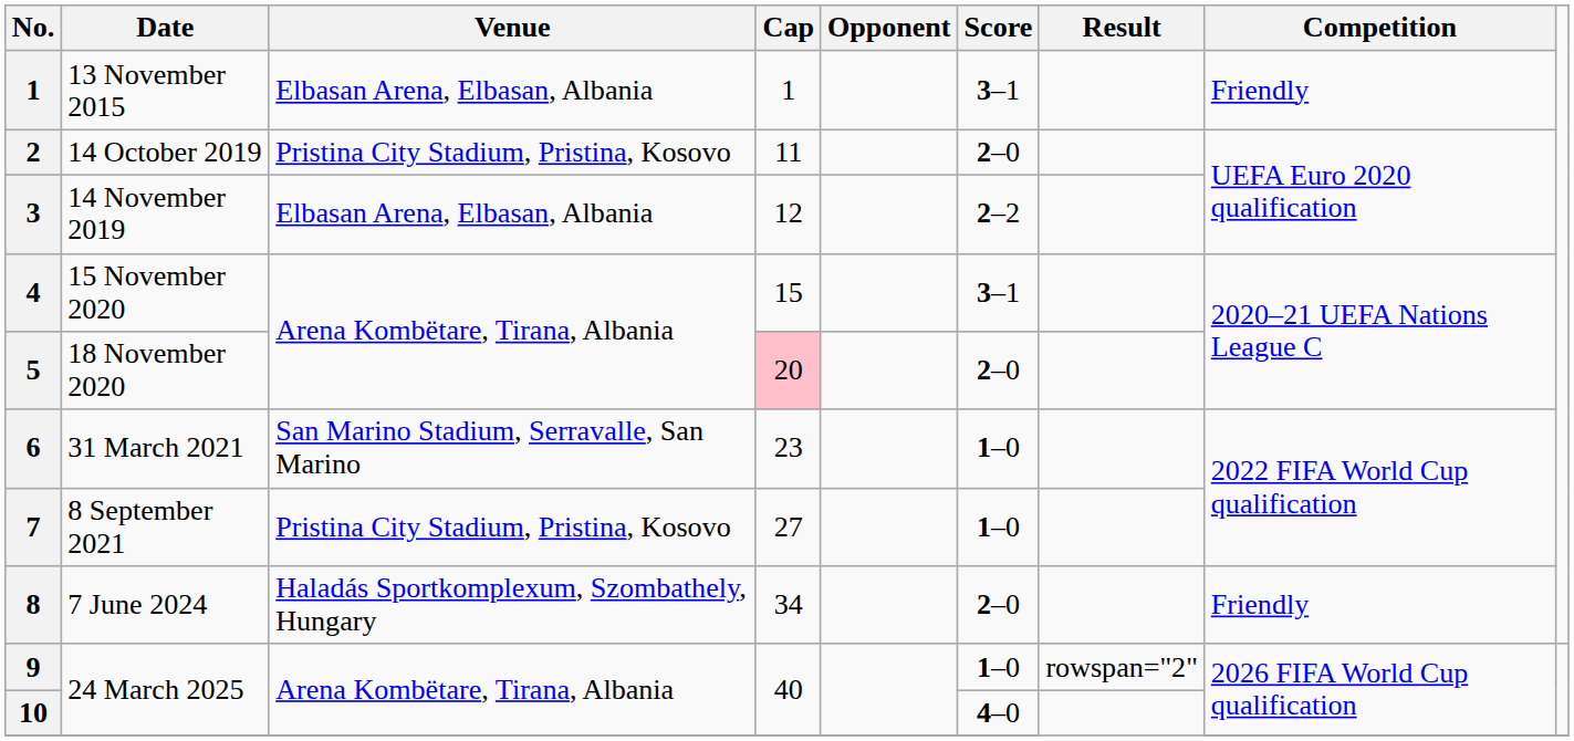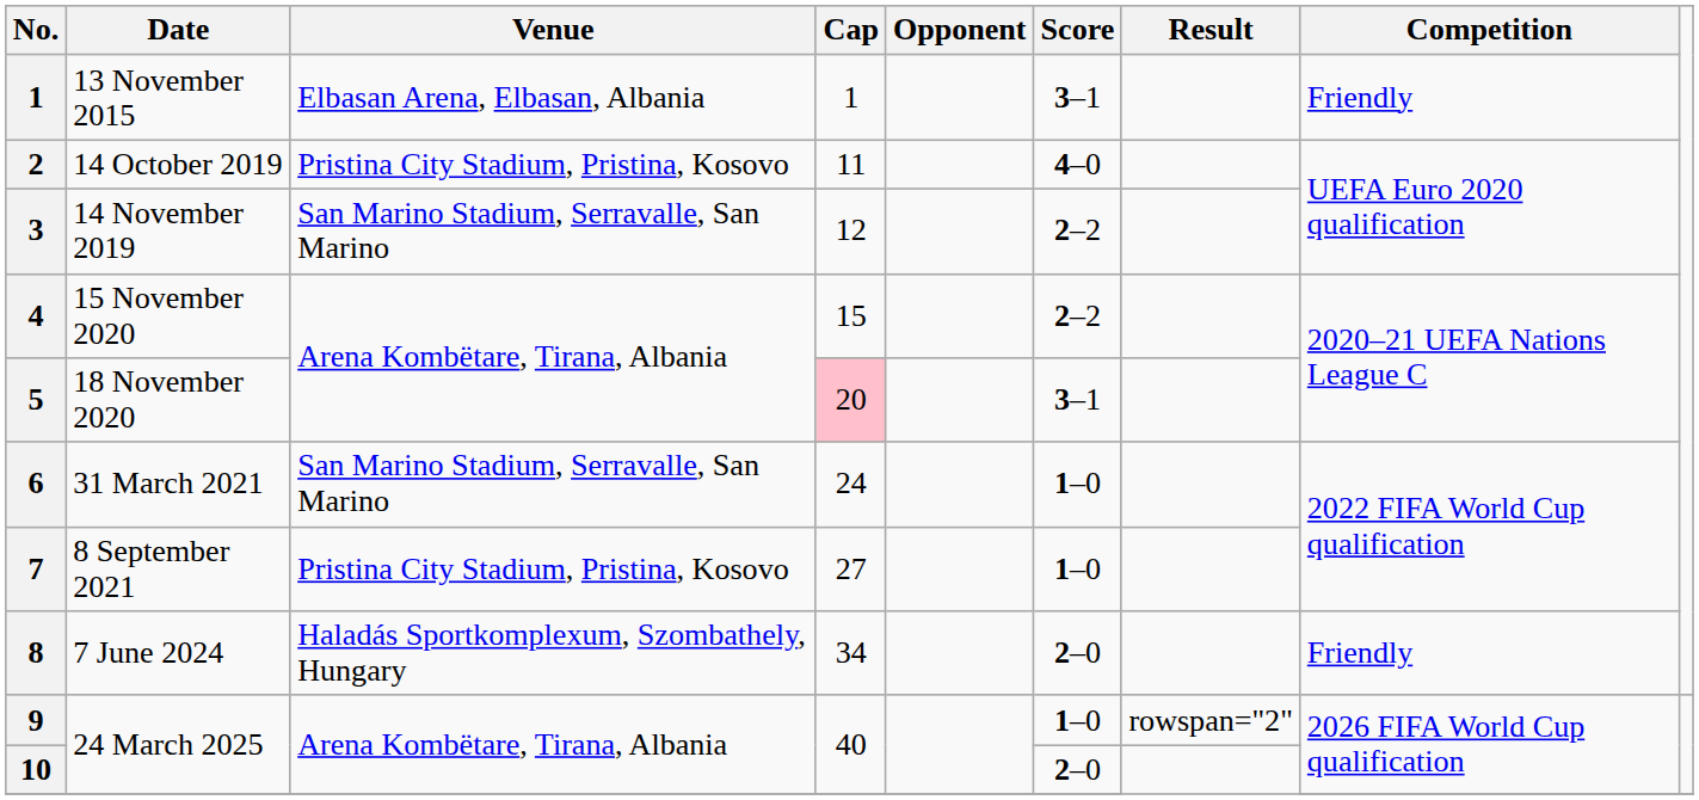 <table class="wikitable sortable plainrowheaders">
 <tr>
 <th scope=col>No.</th>
 <th scope=col data-sort-type=date>Date</th>
 <th scope=col>Venue</th>
 <th scope=col>Cap</th>
 <th scope=col>Opponent</th>
 <th scope=col>Score</th>
 <th scope=col>Result</th>
 <th scope=col>Competition</th>
 </tr>
 <tr>
 <th scope=row>1</th>
 <td>13 November 2015</td>
 <td><a href='#'>Elbasan Arena</a>, <a href='#'>Elbasan</a>, Albania</td>
 <td align=center>1</td>
 <td></td>
 <td align=center><strong>3</strong>–1</td>
 <td></td>
 <td><a href='#'>Friendly</a></td>
 </tr>
 <tr>
 <th scope=row>2</th>
 <td>14 October 2019</td>
 <td><a href='#'>Pristina City Stadium</a>, <a href='#'>Pristina</a>, Kosovo</td>
 <td align=center>11</td>
 <td></td>
-<td style="text-align: center;"><strong>2</strong>–0</td>
+<td align=center><strong>4</strong>–0</td>
 <td></td>
 <td rowspan=2><a href='#'>UEFA Euro 2020 qualification</a></td>
 </tr>
 <tr>
 <th scope=row>3</th>
 <td>14 November 2019</td>
-<td><a href='#'>Elbasan Arena</a>, <a href='#'>Elbasan</a>, Albania</td>
+<td><a href='#'>San Marino Stadium</a>, <a href='#'>Serravalle</a>, San Marino</td>
 <td align=center>12</td>
 <td></td>
 <td align=center><strong>2</strong>–2</td>
 <td></td>
 </tr>
 <tr>
 <th scope=row>4</th>
 <td>15 November 2020</td>
 <td rowspan=2><a href='#'>Arena Kombëtare</a>, <a href='#'>Tirana</a>, Albania</td>
 <td align=center>15</td>
 <td></td>
-<td align=center><strong>3</strong>–1</td>
+<td align=center><strong>2</strong>–2</td>
 <td></td>
 <td rowspan=2><a href='#'>2020–21 UEFA Nations League C</a></td>
 </tr>
 <tr>
 <th scope=row>5</th>
 <td>18 November 2020</td>
 <td align=center style="background: pink;">20</td>
 <td></td>
-<td style="text-align: center;"><strong>2</strong>–0</td>
+<td align=center><strong>3</strong>–1</td>
 <td></td>
 </tr>
 <tr>
 <th scope=row>6</th>
 <td>31 March 2021</td>
 <td><a href='#'>San Marino Stadium</a>, <a href='#'>Serravalle</a>, San Marino</td>
-<td align=center>23</td>
+<td align=center>24</td>
 <td></td>
 <td align=center><strong>1</strong>–0</td>
 <td></td>
 <td rowspan=2><a href='#'>2022 FIFA World Cup qualification</a></td>
 </tr>
 <tr>
 <th scope=row>7</th>
 <td>8 September 2021</td>
 <td><a href='#'>Pristina City Stadium</a>, <a href='#'>Pristina</a>, Kosovo</td>
 <td align=center>27</td>
 <td></td>
 <td align=center><strong>1</strong>–0</td>
 <td></td>
 </tr>
 <tr>
 <th scope=row>8</th>
 <td>7 June 2024</td>
 <td><a href='#'>Haladás Sportkomplexum</a>, <a href='#'>Szombathely</a>, Hungary</td>
 <td align=center>34</td>
 <td></td>
 <td align=center><strong>2</strong>–0</td>
 <td></td>
 <td><a href='#'>Friendly</a></td>
 </tr>
 <tr>
 <th scope="row" style="text-align: center;">9</th>
 <td rowspan="2">24 March 2025</td>
 <td rowspan="2"><a href='#'>Arena Kombëtare</a>, <a href='#'>Tirana</a>, Albania</td>
 <td rowspan="2" style="text-align: center;">40</td>
 <td rowspan="2"></td>
 <td style="text-align: center;"><strong>1</strong>–0</td>
 <td>rowspan="2"</td>
 <td rowspan="2"><a href='#'>2026 FIFA World Cup qualification</a></td>
 <td rowspan="2" style="text-align: center;"></td>
 </tr>
 <tr>
 <th scope="row" style="text-align: center;">10</th>
-<td align=center><strong>4</strong>–0</td>
+<td style="text-align: center;"><strong>2</strong>–0</td>
 </tr>
 <tr>
 </tr>
 </table>
